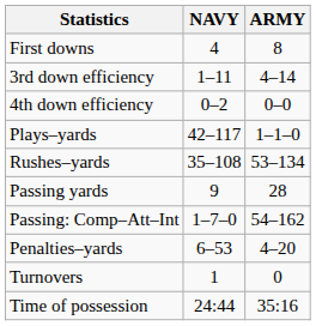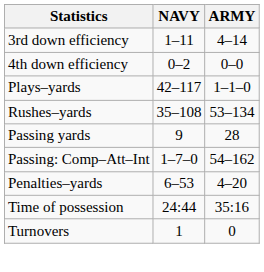 <table class="wikitable">
 <tr>
 <th>Statistics</th>
 <th>NAVY</th>
 <th>ARMY</th>
-</tr>
-<tr>
-<td>First downs</td>
-<td align=center>4</td>
-<td align=center>8</td>
 </tr>
 <tr>
 <td>3rd down efficiency</td>
 <td align=center>1–11</td>
 <td align=center>4–14</td>
 </tr>
 <tr>
 <td>4th down efficiency</td>
 <td align=center>0–2</td>
 <td align=center>0–0</td>
 </tr>
 <tr>
 <td>Plays–yards</td>
 <td align=center>42–117</td>
 <td align=center>1–1–0</td>
 </tr>
 <tr>
 <td>Rushes–yards</td>
 <td align=center>35–108</td>
 <td align=center>53–134</td>
 </tr>
 <tr>
 <td>Passing yards</td>
 <td align=center>9</td>
 <td align=center>28</td>
 </tr>
 <tr>
 <td>Passing: Comp–Att–Int</td>
 <td align=center>1–7–0</td>
 <td align=center>54–162</td>
 </tr>
 <tr>
 <td>Penalties–yards</td>
 <td align=center>6–53</td>
 <td align=center>4–20</td>
 </tr>
 <tr>
+<td>Time of possession</td>
+<td align=center>24:44</td>
+<td align=center>35:16</td>
+</tr>
+<tr>
 <td>Turnovers</td>
 <td align=center>1</td>
 <td align=center>0</td>
 </tr>
-<tr>
-<td>Time of possession</td>
-<td align=center>24:44</td>
-<td align=center>35:16</td>
-</tr>
 </table>
